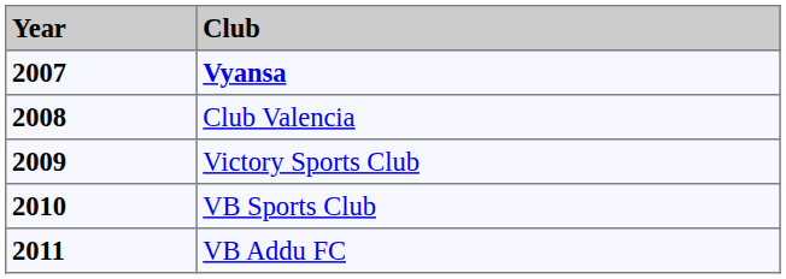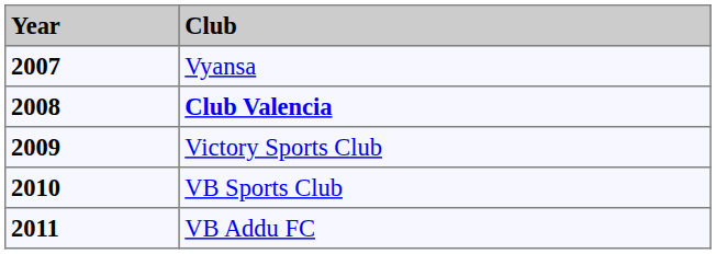 <table bgcolor="#f7f8ff" cellpadding="3" cellspacing="0" border="1" style="font-size: 95%; border: gray solid 1px; border-collapse: collapse;">
 <tr bgcolor="#CCCCCC">
 <td width="100"><strong>Year</strong></td>
 <td width="320"><strong>Club</strong></td>
 </tr>
 <tr>
 <td><strong>2007</strong></td>
-<td><strong><a href='#'>Vyansa</a></strong></td>
+<td><a href='#'>Vyansa</a></td>
 </tr>
 <tr>
 <td><strong>2008</strong></td>
-<td><a href='#'>Club Valencia</a></td>
+<td><strong><a href='#'>Club Valencia</a></strong></td>
 </tr>
 <tr>
 <td><strong>2009</strong></td>
 <td><a href='#'>Victory Sports Club</a></td>
 </tr>
 <tr>
 <td><strong>2010</strong></td>
 <td><a href='#'>VB Sports Club</a></td>
 </tr>
 <tr>
 <td><strong>2011</strong></td>
 <td><a href='#'>VB Addu FC</a></td>
 </tr>
 </table>
